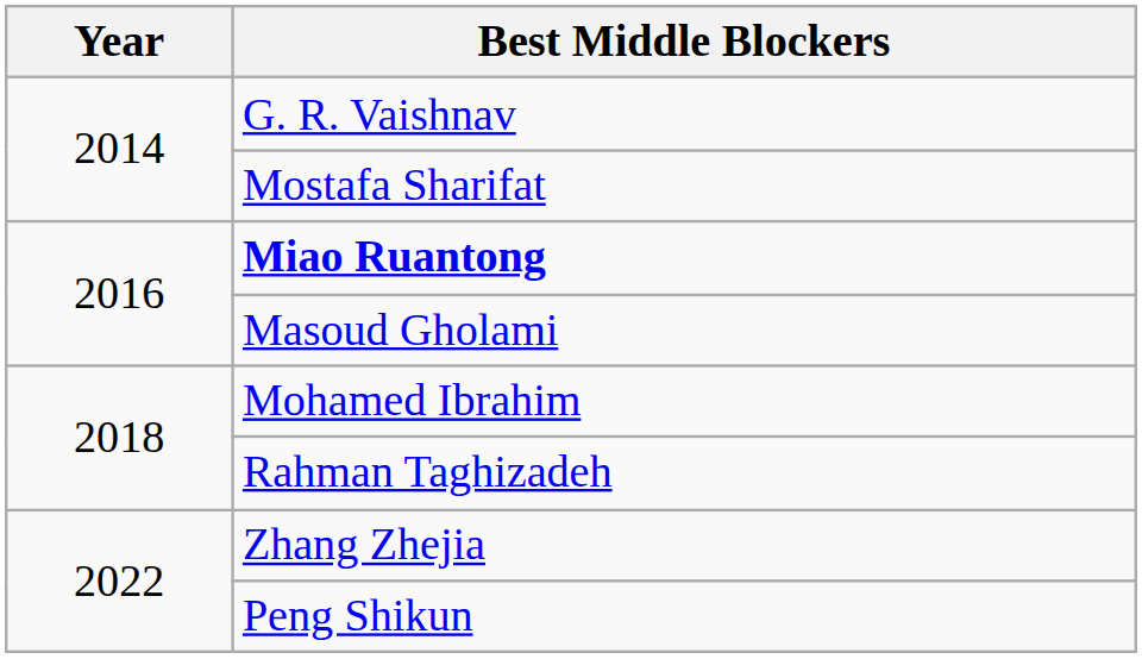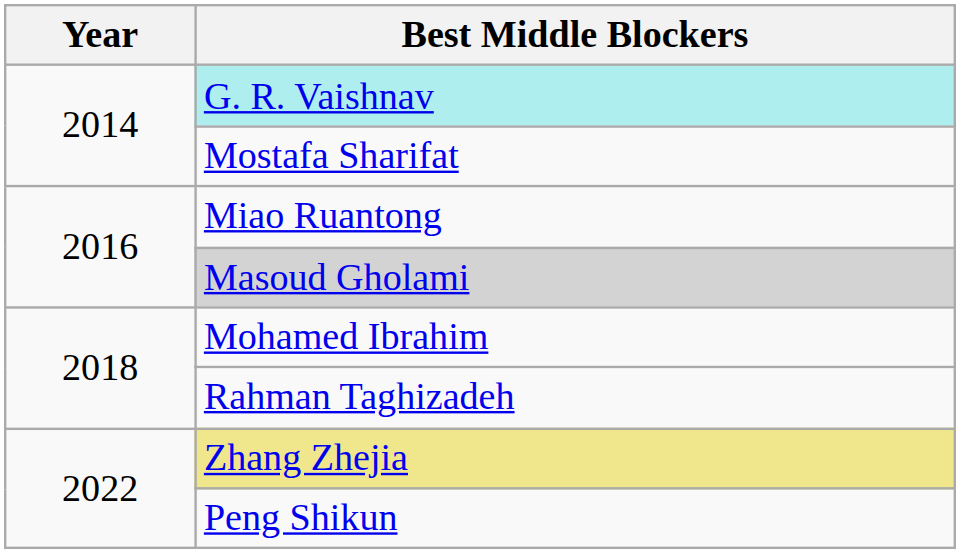 <table class="wikitable" style="width: 400px;">
 <tr>
 <th style="width: 20%;">Year</th>
 <th style="width: 80%;">Best Middle Blockers</th>
 </tr>
 <tr>
 <td align=center rowspan=2>2014</td>
-<td> <a href='#'>G. R. Vaishnav</a></td>
+<td style="background: paleturquoise;"> <a href='#'>G. R. Vaishnav</a></td>
 </tr>
 <tr>
 <td> <a href='#'>Mostafa Sharifat</a></td>
 </tr>
 <tr>
 <td align=center rowspan=2>2016</td>
-<td><strong> <a href='#'>Miao Ruantong</a></strong></td>
+<td> <a href='#'>Miao Ruantong</a></td>
 </tr>
 <tr>
-<td> <a href='#'>Masoud Gholami</a></td>
+<td style="background: lightgrey;"> <a href='#'>Masoud Gholami</a></td>
 </tr>
 <tr>
 <td align=center rowspan=2>2018</td>
 <td> <a href='#'>Mohamed Ibrahim</a></td>
 </tr>
 <tr>
 <td> <a href='#'>Rahman Taghizadeh</a></td>
 </tr>
 <tr>
 <td align=center rowspan=2>2022</td>
-<td> <a href='#'>Zhang Zhejia</a></td>
+<td style="background: khaki;"> <a href='#'>Zhang Zhejia</a></td>
 </tr>
 <tr>
 <td> <a href='#'>Peng Shikun</a></td>
 </tr>
 </table>
